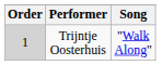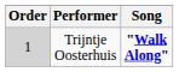 <table class="wikitable" style="text-align:center; width:30%;">
 <tr>
 </tr>
 <tr>
 <th>Order</th>
 <th>Performer</th>
 <th>Song</th>
 </tr>
 <tr>
 <td style="background: lightgrey;">1</td>
 <td>Trijntje Oosterhuis</td>
-<td>"<a href='#'>Walk Along</a>"</td>
+<td><strong>"<a href='#'>Walk Along</a>"</strong></td>
 </tr>
 </table>
